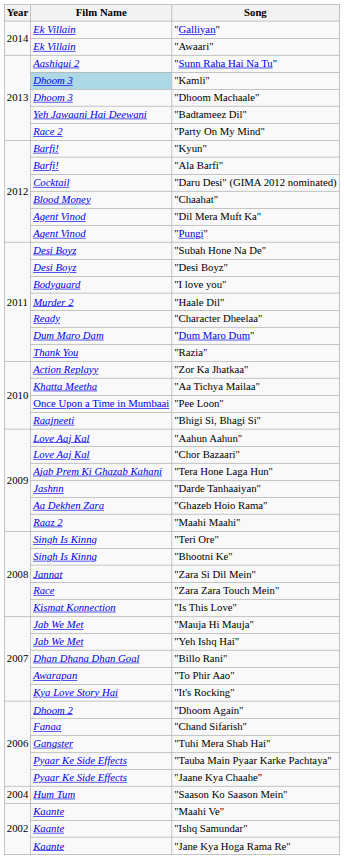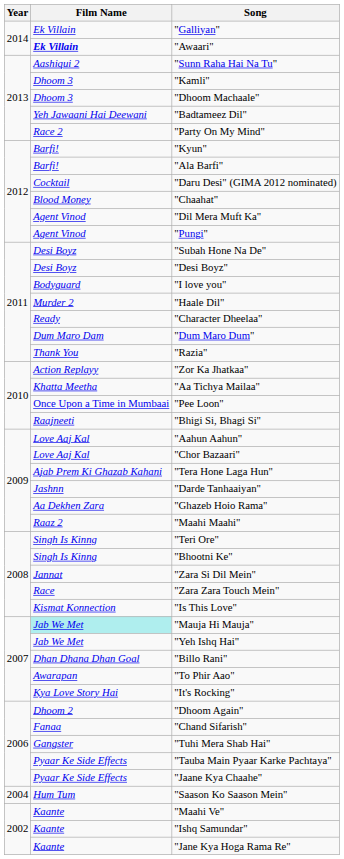 <table class="wikitable sortable">
 <tr>
 <th>Year</th>
 <th>Film Name</th>
 <th>Song</th>
 </tr>
 <tr>
 <td rowspan="2">2014</td>
 <td><em><a href='#'>Ek Villain</a></em></td>
 <td>"<a href='#'>Galliyan</a>"</td>
 </tr>
 <tr>
-<td><em><a href='#'>Ek Villain</a></em></td>
+<td><strong><em><a href='#'>Ek Villain</a></em></strong></td>
 <td>"Awaari"</td>
 </tr>
 <tr>
 <td rowspan="5">2013</td>
 <td><em><a href='#'>Aashiqui 2</a></em></td>
 <td>"<a href='#'>Sunn Raha Hai Na Tu</a>"</td>
 </tr>
 <tr>
-<td style="background: lightblue;"><em><a href='#'>Dhoom 3</a></em></td>
+<td><em><a href='#'>Dhoom 3</a></em></td>
 <td>"Kamli"</td>
 </tr>
 <tr>
 <td><em><a href='#'>Dhoom 3</a></em></td>
 <td>"Dhoom Machaale"</td>
 </tr>
 <tr>
 <td><em><a href='#'>Yeh Jawaani Hai Deewani</a></em></td>
 <td>"Badtameez Dil"</td>
 </tr>
 <tr>
 <td><em><a href='#'>Race 2</a></em></td>
 <td>"Party On My Mind"</td>
 </tr>
 <tr>
 <td rowspan="6">2012</td>
 <td><em><a href='#'>Barfi!</a></em></td>
 <td>"Kyun"</td>
 </tr>
 <tr>
 <td><em><a href='#'>Barfi!</a></em></td>
 <td>"Ala Barfi"</td>
 </tr>
 <tr>
 <td><em><a href='#'>Cocktail</a></em></td>
 <td>"Daru Desi" (GIMA 2012 nominated)</td>
 </tr>
 <tr>
 <td><em><a href='#'>Blood Money</a></em></td>
 <td>"Chaahat"</td>
 </tr>
 <tr>
 <td><em><a href='#'>Agent Vinod</a></em></td>
 <td>"Dil Mera Muft Ka"</td>
 </tr>
 <tr>
 <td><em><a href='#'>Agent Vinod</a></em></td>
 <td>"<a href='#'>Pungi</a>"</td>
 </tr>
 <tr>
 <td rowspan="7">2011</td>
 <td><em><a href='#'>Desi Boyz</a></em></td>
 <td>"Subah Hone Na De"</td>
 </tr>
 <tr>
 <td><em><a href='#'>Desi Boyz</a></em></td>
 <td>"Desi Boyz"</td>
 </tr>
 <tr>
 <td><em><a href='#'>Bodyguard</a></em></td>
 <td>"I love you"</td>
 </tr>
 <tr>
 <td><em><a href='#'>Murder 2</a></em></td>
 <td>"Haale Dil"</td>
 </tr>
 <tr>
 <td><em><a href='#'>Ready</a></em></td>
 <td>"Character Dheelaa"</td>
 </tr>
 <tr>
 <td><em><a href='#'>Dum Maro Dam</a></em></td>
 <td>"<a href='#'>Dum Maro Dum</a>"</td>
 </tr>
 <tr>
 <td><em><a href='#'>Thank You</a></em></td>
 <td>"Razia"</td>
 </tr>
 <tr>
 <td rowspan="4">2010</td>
 <td><em><a href='#'>Action Replayy</a></em></td>
 <td>"Zor Ka Jhatkaa"</td>
 </tr>
 <tr>
 <td><em><a href='#'>Khatta Meetha</a></em></td>
 <td>"Aa Tichya Mailaa"</td>
 </tr>
 <tr>
 <td><a href='#'>Once Upon a Time in Mumbaai</a></td>
 <td>"Pee Loon"</td>
 </tr>
 <tr>
 <td><em><a href='#'>Raajneeti</a></em></td>
 <td>"Bhigi Si, Bhagi Si"</td>
 </tr>
 <tr>
 <td rowspan="6">2009</td>
 <td><em><a href='#'>Love Aaj Kal</a></em></td>
 <td>"Aahun Aahun"</td>
 </tr>
 <tr>
 <td><em><a href='#'>Love Aaj Kal</a></em></td>
 <td>"Chor Bazaari"</td>
 </tr>
 <tr>
 <td><em><a href='#'>Ajab Prem Ki Ghazab Kahani</a></em></td>
 <td>"Tera Hone Laga Hun"</td>
 </tr>
 <tr>
 <td><em><a href='#'>Jashnn</a></em></td>
 <td>"Darde Tanhaaiyan"</td>
 </tr>
 <tr>
 <td><em><a href='#'>Aa Dekhen Zara</a></em></td>
 <td>"Ghazeb Hoio Rama"</td>
 </tr>
 <tr>
 <td><em><a href='#'>Raaz 2</a></em></td>
 <td>"Maahi Maahi"</td>
 </tr>
 <tr>
 <td rowspan="5">2008</td>
 <td><em><a href='#'>Singh Is Kinng</a></em></td>
 <td>"Teri Ore"</td>
 </tr>
 <tr>
 <td><em><a href='#'>Singh Is Kinng</a></em></td>
 <td>"Bhootni Ke"</td>
 </tr>
 <tr>
 <td><em><a href='#'>Jannat</a></em></td>
 <td>"Zara Si Dil Mein"</td>
 </tr>
 <tr>
 <td><em><a href='#'>Race</a></em></td>
 <td>"Zara Zara Touch Mein"</td>
 </tr>
 <tr>
 <td><em><a href='#'>Kismat Konnection</a></em></td>
 <td>"Is This Love"</td>
 </tr>
 <tr>
 <td rowspan="5">2007</td>
-<td><em><a href='#'>Jab We Met</a></em></td>
+<td style="background: paleturquoise;"><em><a href='#'>Jab We Met</a></em></td>
 <td>"Mauja Hi Mauja"</td>
 </tr>
 <tr>
 <td><em><a href='#'>Jab We Met</a></em></td>
 <td>"Yeh Ishq Hai"</td>
 </tr>
 <tr>
 <td><em><a href='#'>Dhan Dhana Dhan Goal</a></em></td>
 <td>"Billo Rani"</td>
 </tr>
 <tr>
 <td><em><a href='#'>Awarapan</a></em></td>
 <td>"To Phir Aao"</td>
 </tr>
 <tr>
 <td><em><a href='#'>Kya Love Story Hai</a></em></td>
 <td>"It's Rocking"</td>
 </tr>
 <tr>
 <td rowspan="5">2006</td>
 <td><em><a href='#'>Dhoom 2</a></em></td>
 <td>"Dhoom Again"</td>
 </tr>
 <tr>
 <td><em><a href='#'>Fanaa</a></em></td>
 <td>"Chand Sifarish"</td>
 </tr>
 <tr>
 <td><em><a href='#'>Gangster</a></em></td>
 <td>"Tuhi Mera Shab Hai"</td>
 </tr>
 <tr>
 <td><em><a href='#'>Pyaar Ke Side Effects</a></em></td>
 <td>"Tauba Main Pyaar Karke Pachtaya"</td>
 </tr>
 <tr>
 <td><em><a href='#'>Pyaar Ke Side Effects</a></em></td>
 <td>"Jaane Kya Chaahe"</td>
 </tr>
 <tr>
 <td>2004</td>
 <td><em><a href='#'>Hum Tum</a></em></td>
 <td>"Saason Ko Saason Mein"</td>
 </tr>
 <tr>
 <td rowspan="3">2002</td>
 <td><em><a href='#'>Kaante</a></em></td>
 <td>"Maahi Ve"</td>
 </tr>
 <tr>
 <td><em><a href='#'>Kaante</a></em></td>
 <td>"Ishq Samundar"</td>
 </tr>
 <tr>
 <td><em><a href='#'>Kaante</a></em></td>
 <td>"Jane Kya Hoga Rama Re"</td>
 </tr>
 </table>
